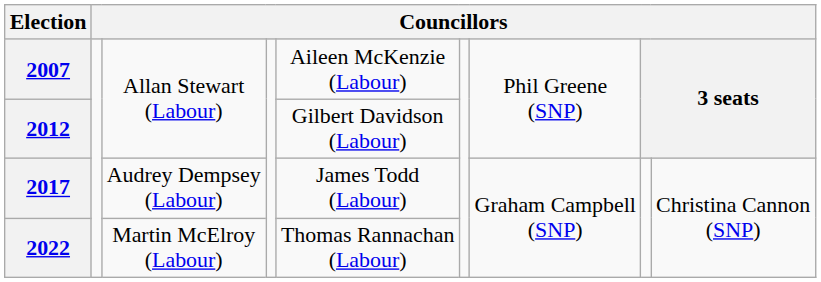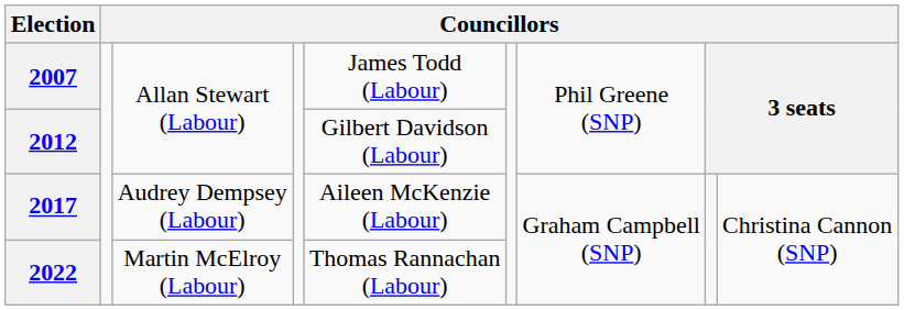 <table class="wikitable" style="text-align:center">
 <tr>
 <th>Election</th>
 <th colspan=8>Councillors</th>
 </tr>
 <tr>
 <th><a href='#'>2007</a></th>
 <td rowspan=4; style="background-color: "></td>
 <td rowspan=2>Allan Stewart<br>(<a href='#'>Labour</a>)</td>
 <td rowspan=4; style="background-color: "></td>
-<td rowspan=1>Aileen McKenzie<br>(<a href='#'>Labour</a>)</td>
+<td rowspan=1>James Todd<br>(<a href='#'>Labour</a>)</td>
 <td rowspan=4; style="background-color: "></td>
 <td rowspan=2>Phil Greene<br>(<a href='#'>SNP</a>)</td>
 <th colspan=2; rowspan=2>3 seats</th>
 </tr>
 <tr>
 <th><a href='#'>2012</a></th>
 <td rowspan=1>Gilbert Davidson<br>(<a href='#'>Labour</a>)</td>
 </tr>
 <tr>
 <th><a href='#'>2017</a></th>
 <td rowspan=1>Audrey Dempsey<br>(<a href='#'>Labour</a>)</td>
-<td rowspan=1>James Todd<br>(<a href='#'>Labour</a>)</td>
+<td rowspan=1>Aileen McKenzie<br>(<a href='#'>Labour</a>)</td>
 <td rowspan=2>Graham Campbell<br>(<a href='#'>SNP</a>)</td>
 <td rowspan=2; style="background-color: "></td>
 <td rowspan=2>Christina Cannon<br>(<a href='#'>SNP</a>)</td>
 </tr>
 <tr>
 <th><a href='#'>2022</a></th>
 <td rowspan=1>Martin McElroy<br>(<a href='#'>Labour</a>)</td>
 <td rowspan=1>Thomas Rannachan<br>(<a href='#'>Labour</a>)</td>
 </tr>
 </table>
